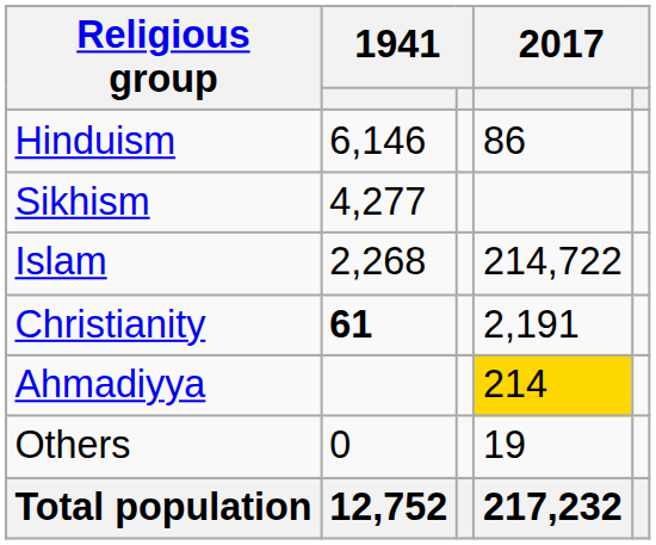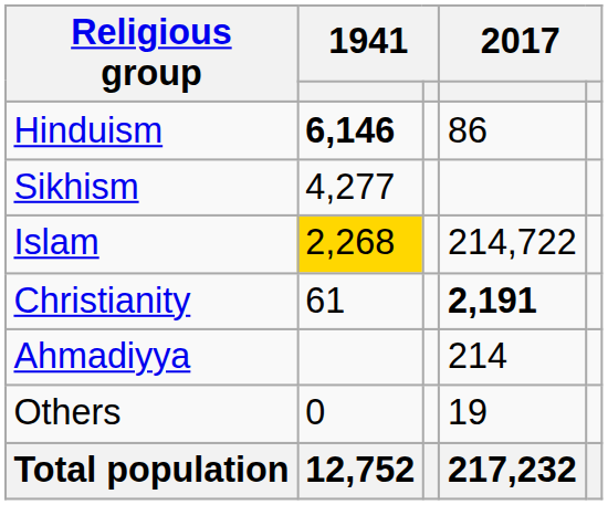 <table class="wikitable collapsible sortable">
 <tr>
 <th rowspan="2"><a href='#'>Religious</a><br>group</th>
 <th colspan="2">1941</th>
 <th colspan="2">2017</th>
 </tr>
 <tr>
 <th><a href='#'></a></th>
 <th></th>
 <th></th>
 <th></th>
 </tr>
 <tr>
 <td><a href='#'>Hinduism</a> </td>
-<td>6,146</td>
+<td><strong>6,146</strong></td>
 <td></td>
 <td>86</td>
 <td></td>
 </tr>
 <tr>
 <td><a href='#'>Sikhism</a> </td>
 <td>4,277</td>
 <td></td>
 <td></td>
 <td></td>
 </tr>
 <tr>
 <td><a href='#'>Islam</a> </td>
-<td>2,268</td>
+<td style="background: gold;">2,268</td>
 <td></td>
 <td>214,722</td>
 <td></td>
 </tr>
 <tr>
 <td><a href='#'>Christianity</a> </td>
-<td><strong>61</strong></td>
+<td>61</td>
 <td></td>
-<td>2,191</td>
+<td><strong>2,191</strong></td>
 <td></td>
 </tr>
 <tr>
 <td><a href='#'>Ahmadiyya</a> </td>
 <td></td>
 <td></td>
-<td style="background: gold;">214</td>
+<td>214</td>
 <td></td>
 </tr>
 <tr>
 <td>Others</td>
 <td>0</td>
 <td></td>
 <td>19</td>
 <td></td>
 </tr>
 <tr>
 <th>Total population</th>
 <th>12,752</th>
 <th></th>
 <th>217,232</th>
 <th></th>
 </tr>
 </table>
